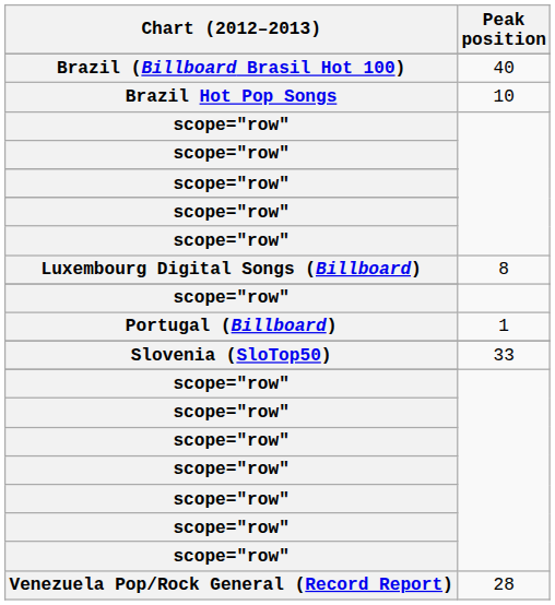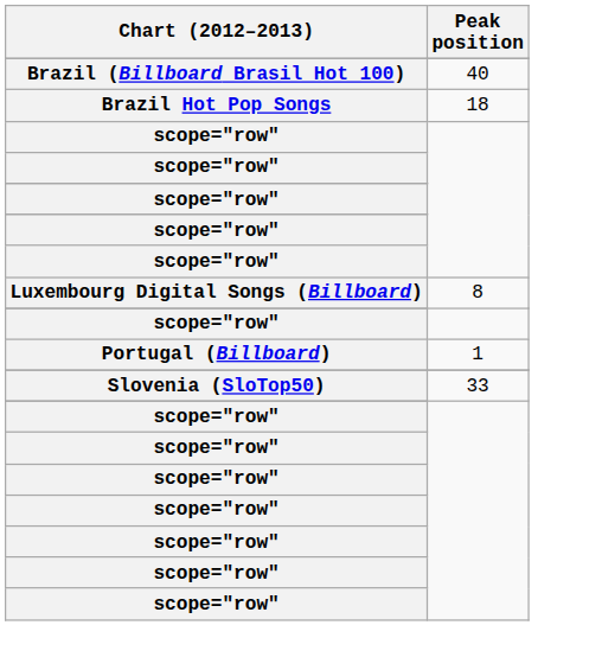 <table class="wikitable sortable plainrowheaders" style="text-align:center">
 <tr>
 <th>Chart (2012–2013)</th>
 <th>Peak<br>position</th>
 </tr>
 <tr>
 </tr>
 <tr>
 </tr>
 <tr>
 </tr>
 <tr>
 </tr>
 <tr>
 <th scope="row">Brazil (<a href='#'><em>Billboard</em> Brasil Hot 100</a>)</th>
 <td style="text-align:center;">40</td>
 </tr>
 <tr>
 <th scope="row">Brazil <a href='#'>Hot Pop Songs</a></th>
-<td style="text-align:center;">10</td>
+<td style="text-align:center;">18</td>
 </tr>
 <tr>
 <th>scope="row"</th>
 </tr>
 <tr>
 <th>scope="row"</th>
 </tr>
 <tr>
 </tr>
 <tr>
 <th>scope="row"</th>
 </tr>
 <tr>
 </tr>
 <tr>
 </tr>
 <tr>
 </tr>
 <tr>
 </tr>
 <tr>
 <th>scope="row"</th>
 </tr>
 <tr>
 <th>scope="row"</th>
 </tr>
 <tr>
 <th scope="row">Luxembourg Digital Songs (<em><a href='#'>Billboard</a></em>)</th>
 <td style="text-align:center;">8</td>
 </tr>
 <tr>
 </tr>
 <tr>
 </tr>
 <tr>
 </tr>
 <tr>
 </tr>
 <tr>
 <th>scope="row"</th>
 </tr>
 <tr>
 <th scope="row">Portugal (<em><a href='#'>Billboard</a></em>)</th>
 <td style="text-align:center;">1</td>
 </tr>
 <tr>
 </tr>
 <tr>
 </tr>
 <tr>
 <th scope="row">Slovenia (<a href='#'>SloTop50</a>)</th>
 <td align=center>33</td>
 </tr>
 <tr>
 </tr>
 <tr>
 </tr>
 <tr>
 </tr>
 <tr>
 </tr>
 <tr>
 <th>scope="row"</th>
 </tr>
 <tr>
 <th>scope="row"</th>
 </tr>
 <tr>
 <th>scope="row"</th>
 </tr>
 <tr>
 <th>scope="row"</th>
 </tr>
 <tr>
 <th>scope="row"</th>
 </tr>
 <tr>
 <th>scope="row"</th>
 </tr>
 <tr>
 <th>scope="row"</th>
 </tr>
-<tr>
-<th scope="row">Venezuela Pop/Rock General (<a href='#'>Record Report</a>)</th>
-<td style="text-align:center;">28</td>
-</tr>
 </table>
